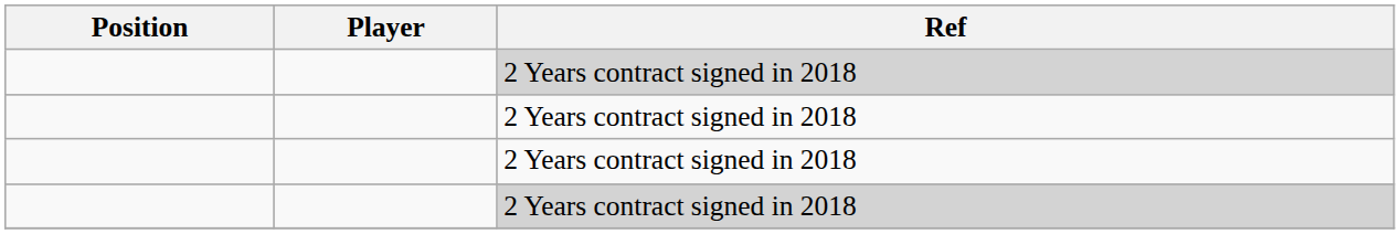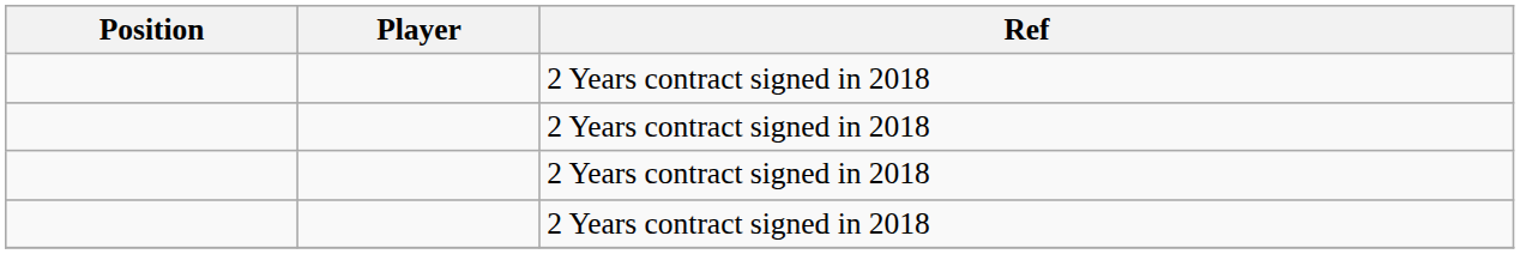 <table class="wikitable sortable" style="width:50%; text-align:center; font-size:100%; text-align:left;">
 <tr>
 <th><strong>Position</strong></th>
 <th><strong>Player</strong></th>
 <th><strong>Ref</strong></th>
 </tr>
 <tr>
 <td></td>
 <td></td>
-<td style="background: lightgrey;">2 Years contract signed in 2018 </td>
+<td>2 Years contract signed in 2018 </td>
 </tr>
 <tr>
 <td></td>
 <td></td>
 <td>2 Years contract signed in 2018</td>
 </tr>
 <tr>
 <td></td>
 <td></td>
 <td>2 Years contract signed in 2018 </td>
 </tr>
 <tr>
 <td></td>
 <td></td>
-<td style="background: lightgrey;">2 Years contract signed in 2018 </td>
+<td>2 Years contract signed in 2018 </td>
 </tr>
 <tr>
 </tr>
 </table>
